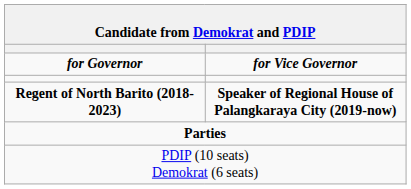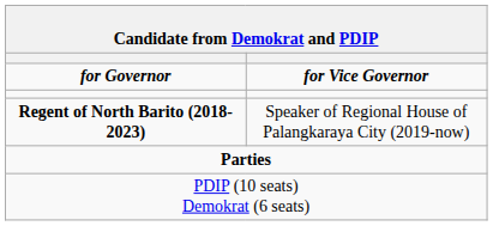 <table class="wikitable" style="font-size:90%; text-align:center;">
 <tr>
 <td colspan=2 style="background:#f1f1f1;"><br><strong>Candidate from <a href='#'>Demokrat</a> and <a href='#'>PDIP</a></strong></td>
 </tr>
 <tr>
 <th style="width:3em; font-size:135%; background:#"></th>
 <th style="width:3em; font-size:135%; background:#"></th>
 </tr>
 <tr style="color:#000; font-size:100%; background:#">
 <td style="width:3em; width:200px;"><strong><em>for Governor</em></strong></td>
 <td style="width:3em; width:200px;"><strong><em>for Vice Governor</em></strong></td>
 </tr>
 <tr>
 <td></td>
 <td></td>
 </tr>
 <tr>
 <td><strong>Regent of North Barito (2018-2023)</strong></td>
-<td><strong>Speaker of Regional House of Palangkaraya City (2019-now)</strong></td>
+<td>Speaker of Regional House of Palangkaraya City (2019-now)</td>
 </tr>
 <tr>
 <td colspan=2 style="background:#"><strong>Parties</strong></td>
 </tr>
 <tr>
 <td colspan=2> <a href='#'>PDIP</a> (10 seats)<br><a href='#'>Demokrat</a> (6 seats)</td>
 </tr>
 </table>
